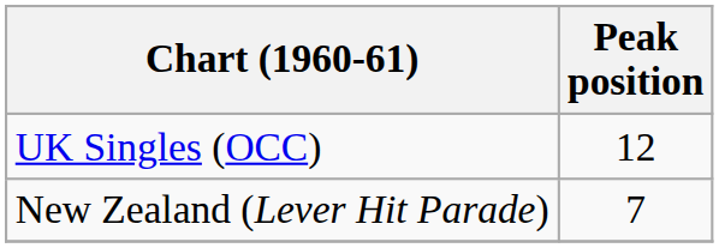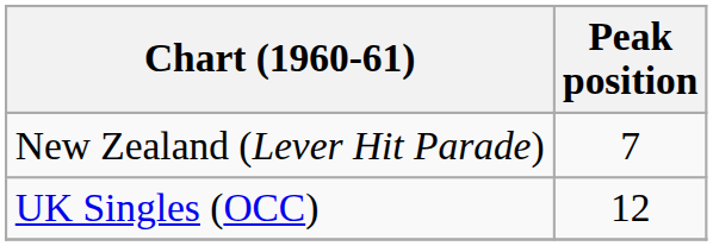 <table class="wikitable">
 <tr>
 <th>Chart (1960-61)</th>
 <th>Peak<br>position</th>
 </tr>
 <tr>
+<td>New Zealand (<em>Lever Hit Parade</em>)</td>
+<td style="text-align:center;">7</td>
+</tr>
+<tr>
 <td><a href='#'>UK Singles</a> (<a href='#'>OCC</a>)</td>
 <td style="text-align:center;">12</td>
 </tr>
 <tr>
-<td>New Zealand (<em>Lever Hit Parade</em>)</td>
-<td style="text-align:center;">7</td>
-</tr>
-<tr>
 </tr>
 </table>
